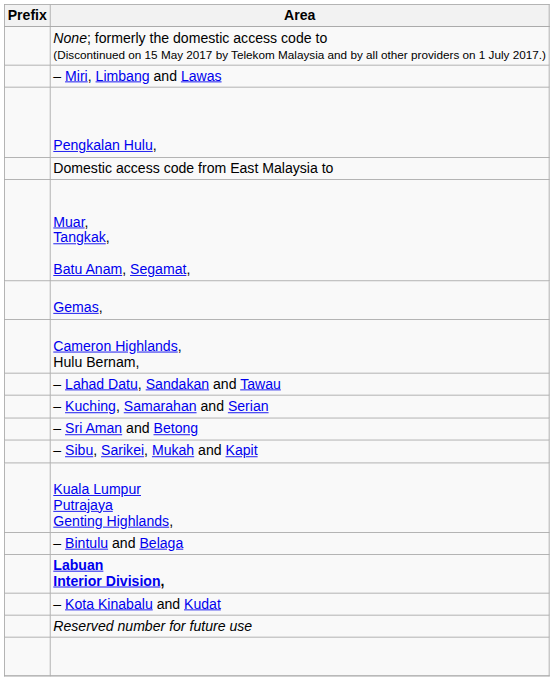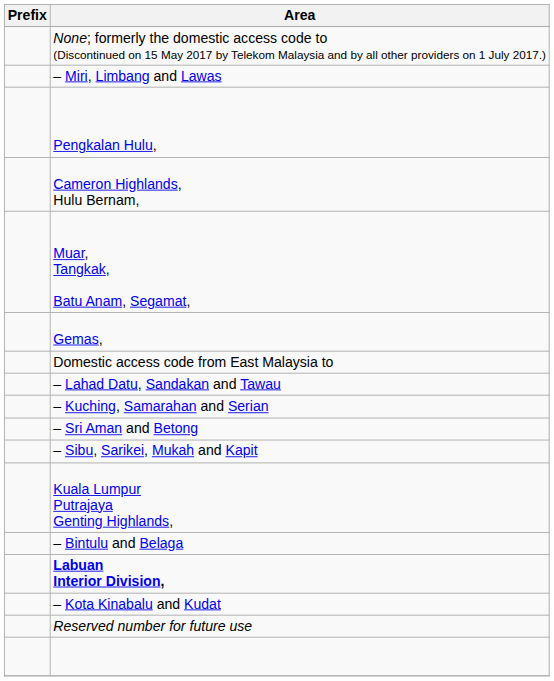 <table class="wikitable">
 <tr>
 <th>Prefix</th>
 <th>Area</th>
 </tr>
 <tr>
 </tr>
 <tr>
 <td></td>
 <td><em>None</em>; formerly the domestic access code to  <br><small>(Discontinued on 15 May 2017 by Telekom Malaysia and by all other providers on 1 July 2017.)</small></td>
 </tr>
 <tr>
 <td></td>
 <td> – <a href='#'>Miri</a>, <a href='#'>Limbang</a> and <a href='#'>Lawas</a></td>
 </tr>
 <tr>
 <td></td>
 <td><br><br><br><a href='#'>Pengkalan Hulu</a>, </td>
 </tr>
 <tr>
 <td></td>
-<td>Domestic access code from East Malaysia to </td>
+<td><br><a href='#'>Cameron Highlands</a>, <br> Hulu Bernam, </td>
 </tr>
 <tr>
 <td></td>
 <td><br><br><a href='#'>Muar</a>, <br><a href='#'>Tangkak</a>, <br><br><a href='#'>Batu Anam</a>, <a href='#'>Segamat</a>, <br></td>
 </tr>
 <tr>
 <td></td>
 <td><br><a href='#'>Gemas</a>, </td>
 </tr>
 <tr>
 <td></td>
-<td><br><a href='#'>Cameron Highlands</a>, <br> Hulu Bernam, </td>
+<td>Domestic access code from East Malaysia to </td>
 </tr>
 <tr>
 <td></td>
 <td> – <a href='#'>Lahad Datu</a>, <a href='#'>Sandakan</a> and <a href='#'>Tawau</a></td>
 </tr>
 <tr>
 <td></td>
 <td> – <a href='#'>Kuching</a>, <a href='#'>Samarahan</a> and <a href='#'>Serian</a></td>
 </tr>
 <tr>
 <td></td>
 <td> – <a href='#'>Sri Aman</a> and <a href='#'>Betong</a></td>
 </tr>
 <tr>
 <td></td>
 <td> – <a href='#'>Sibu</a>, <a href='#'>Sarikei</a>, <a href='#'>Mukah</a> and <a href='#'>Kapit</a></td>
 </tr>
 <tr>
 <td></td>
 <td><br> <a href='#'>Kuala Lumpur</a><br> <a href='#'>Putrajaya</a><br><a href='#'>Genting Highlands</a>, </td>
 </tr>
 <tr>
 <td></td>
 <td> – <a href='#'>Bintulu</a> and <a href='#'>Belaga</a></td>
 </tr>
 <tr>
 <td></td>
 <td><strong> <a href='#'>Labuan</a><br><a href='#'>Interior Division</a>, </strong></td>
 </tr>
 <tr>
 <td></td>
 <td> – <a href='#'>Kota Kinabalu</a> and <a href='#'>Kudat</a></td>
 </tr>
 <tr>
 <td></td>
 <td><em>Reserved number for future use</em></td>
 </tr>
 <tr>
 <td></td>
 <td><br><br></td>
 </tr>
 <tr>
 </tr>
 </table>
